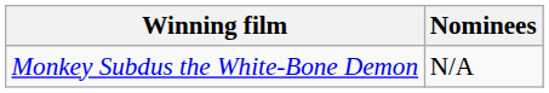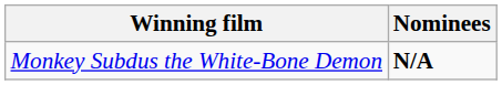 <table class="wikitable">
 <tr>
 <th>Winning film</th>
 <th>Nominees</th>
 </tr>
 <tr>
 <td><em><a href='#'>Monkey Subdus the White-Bone Demon</a></em></td>
-<td>N/A</td>
+<td><strong>N/A</strong></td>
 </tr>
 </table>
